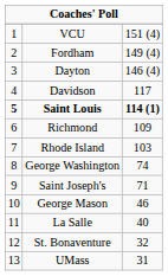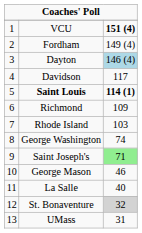 <table class="wikitable" style="display: inline-table;">
 <tr>
 <td align="center" Colspan="3"><strong>Coaches' Poll</strong></td>
 </tr>
 <tr align="center">
 </tr>
 <tr align="center">
 <td>1</td>
 <td>VCU</td>
-<td>151 (4)</td>
+<td><strong>151 (4)</strong></td>
 </tr>
 <tr align="center">
 <td>2</td>
 <td>Fordham</td>
 <td>149 (4)</td>
 </tr>
 <tr align="center">
 <td>3</td>
 <td>Dayton</td>
-<td>146 (4)</td>
+<td style="background: lightblue;">146 (4)</td>
 </tr>
 <tr align="center">
 <td>4</td>
 <td>Davidson</td>
 <td>117</td>
 </tr>
 <tr align="center">
-<td><strong>5</strong></td>
+<td>5</td>
 <td><strong>Saint Louis</strong></td>
 <td><strong>114 (1)</strong></td>
 </tr>
 <tr align="center">
 <td>6</td>
 <td>Richmond</td>
 <td>109</td>
 </tr>
 <tr align="center">
 <td>7</td>
 <td>Rhode Island</td>
 <td>103</td>
 </tr>
 <tr align="center">
 <td>8</td>
 <td>George Washington</td>
 <td>74</td>
 </tr>
 <tr align="center">
 <td>9</td>
 <td>Saint Joseph's</td>
-<td>71</td>
+<td style="background: lightgreen;">71</td>
 </tr>
 <tr align="center">
 <td>10</td>
 <td>George Mason</td>
 <td>46</td>
 </tr>
 <tr align="center">
 <td>11</td>
 <td>La Salle</td>
 <td>40</td>
 </tr>
 <tr align="center">
 <td>12</td>
 <td>St. Bonaventure</td>
-<td>32</td>
+<td style="background: lightgrey;">32</td>
 </tr>
 <tr align="center">
 <td>13</td>
 <td>UMass</td>
 <td>31</td>
 </tr>
 </table>
